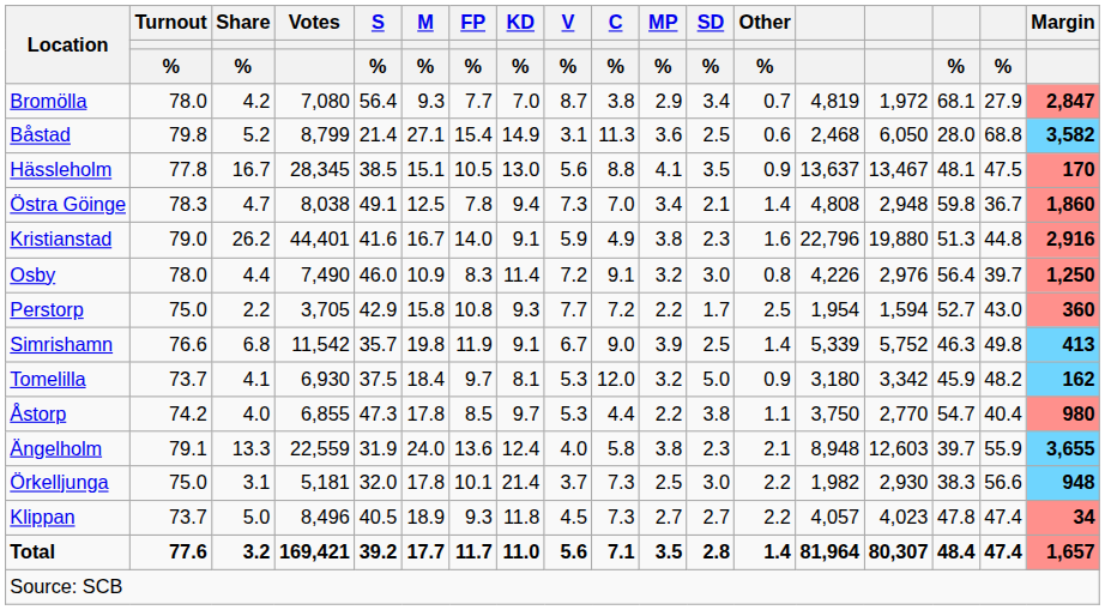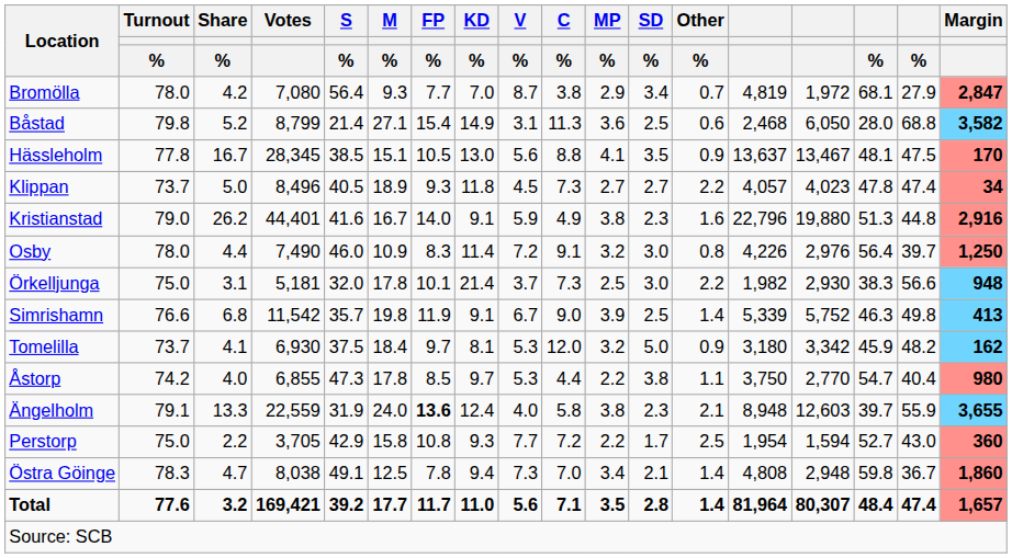 <table class="wikitable sortable" style="text-align:right; font-size:95%; line-height:20px;">
 <tr>
 <th rowspan="3">Location</th>
 <th>Turnout</th>
 <th>Share</th>
 <th>Votes</th>
 <th width="30px" class="unsortable"><a href='#'>S</a></th>
 <th width="30px" class="unsortable"><a href='#'>M</a></th>
 <th width="30px" class="unsortable"><a href='#'>FP</a></th>
 <th width="30px" class="unsortable"><a href='#'>KD</a></th>
 <th width="30px" class="unsortable"><a href='#'>V</a></th>
 <th width="30px" class="unsortable"><a href='#'>C</a></th>
 <th width="30px" class="unsortable"><a href='#'>MP</a></th>
 <th width="30px" class="unsortable"><a href='#'>SD</a></th>
 <th width="30px" class="unsortable">Other</th>
 <th></th>
 <th></th>
 <th></th>
 <th></th>
 <th>Margin</th>
 </tr>
 <tr>
 <th></th>
 <th></th>
 <th></th>
 <th style="background:"></th>
 <th style="background:"></th>
 <th style="background:"></th>
 <th style="background:"></th>
 <th style="background:"></th>
 <th style="background:"></th>
 <th style="background:"></th>
 <th style="background:"></th>
 <th style="background:"></th>
 <th style="background:"></th>
 <th style="background:"></th>
 <th style="background:"></th>
 <th style="background:"></th>
 <th></th>
 </tr>
 <tr>
 <th data-sort-type="number">%</th>
 <th data-sort-type="number">%</th>
 <th></th>
 <th data-sort-type="number">%</th>
 <th data-sort-type="number">%</th>
 <th data-sort-type="number">%</th>
 <th data-sort-type="number">%</th>
 <th data-sort-type="number">%</th>
 <th data-sort-type="number">%</th>
 <th data-sort-type="number">%</th>
 <th data-sort-type="number">%</th>
 <th data-sort-type="number">%</th>
 <th data-sort-type="number"></th>
 <th data-sort-type="number"></th>
 <th data-sort-type="number">%</th>
 <th data-sort-type="number">%</th>
 <th data-sort-type="number"></th>
 </tr>
 <tr>
 <td align=left><a href='#'>Bromölla</a></td>
 <td>78.0</td>
 <td>4.2</td>
 <td>7,080</td>
 <td>56.4</td>
 <td>9.3</td>
 <td>7.7</td>
 <td>7.0</td>
 <td>8.7</td>
 <td>3.8</td>
 <td>2.9</td>
 <td>3.4</td>
 <td>0.7</td>
 <td>4,819</td>
 <td>1,972</td>
 <td>68.1</td>
 <td>27.9</td>
 <td bgcolor=#ff908c><strong>2,847</strong></td>
 </tr>
 <tr>
 <td align=left><a href='#'>Båstad</a></td>
 <td>79.8</td>
 <td>5.2</td>
 <td>8,799</td>
 <td>21.4</td>
 <td>27.1</td>
 <td>15.4</td>
 <td>14.9</td>
 <td>3.1</td>
 <td>11.3</td>
 <td>3.6</td>
 <td>2.5</td>
 <td>0.6</td>
 <td>2,468</td>
 <td>6,050</td>
 <td>28.0</td>
 <td>68.8</td>
 <td bgcolor=#6fd5fe><strong>3,582</strong></td>
 </tr>
 <tr>
 <td align=left><a href='#'>Hässleholm</a></td>
 <td>77.8</td>
 <td>16.7</td>
 <td>28,345</td>
 <td>38.5</td>
 <td>15.1</td>
 <td>10.5</td>
 <td>13.0</td>
 <td>5.6</td>
 <td>8.8</td>
 <td>4.1</td>
 <td>3.5</td>
 <td>0.9</td>
 <td>13,637</td>
 <td>13,467</td>
 <td>48.1</td>
 <td>47.5</td>
 <td bgcolor=#ff908c><strong>170</strong></td>
 </tr>
 <tr>
-<td align=left><a href='#'>Östra Göinge</a></td>
-<td>78.3</td>
-<td>4.7</td>
-<td>8,038</td>
-<td>49.1</td>
-<td>12.5</td>
-<td>7.8</td>
-<td>9.4</td>
+<td align=left><a href='#'>Klippan</a></td>
+<td>73.7</td>
+<td>5.0</td>
+<td>8,496</td>
+<td>40.5</td>
+<td>18.9</td>
+<td>9.3</td>
+<td>11.8</td>
+<td>4.5</td>
 <td>7.3</td>
-<td>7.0</td>
-<td>3.4</td>
-<td>2.1</td>
-<td>1.4</td>
-<td>4,808</td>
-<td>2,948</td>
-<td>59.8</td>
-<td>36.7</td>
-<td bgcolor=#ff908c><strong>1,860</strong></td>
+<td>2.7</td>
+<td>2.7</td>
+<td>2.2</td>
+<td>4,057</td>
+<td>4,023</td>
+<td>47.8</td>
+<td>47.4</td>
+<td bgcolor=#ff908c><strong>34</strong></td>
 </tr>
 <tr>
 <td align=left><a href='#'>Kristianstad</a></td>
 <td>79.0</td>
 <td>26.2</td>
 <td>44,401</td>
 <td>41.6</td>
 <td>16.7</td>
 <td>14.0</td>
 <td>9.1</td>
 <td>5.9</td>
 <td>4.9</td>
 <td>3.8</td>
 <td>2.3</td>
 <td>1.6</td>
 <td>22,796</td>
 <td>19,880</td>
 <td>51.3</td>
 <td>44.8</td>
 <td bgcolor=#ff908c><strong>2,916</strong></td>
 </tr>
 <tr>
 <td align=left><a href='#'>Osby</a></td>
 <td>78.0</td>
 <td>4.4</td>
 <td>7,490</td>
 <td>46.0</td>
 <td>10.9</td>
 <td>8.3</td>
 <td>11.4</td>
 <td>7.2</td>
 <td>9.1</td>
 <td>3.2</td>
 <td>3.0</td>
 <td>0.8</td>
 <td>4,226</td>
 <td>2,976</td>
 <td>56.4</td>
 <td>39.7</td>
 <td bgcolor=#ff908c><strong>1,250</strong></td>
 </tr>
 <tr>
-<td align=left><a href='#'>Perstorp</a></td>
+<td align=left><a href='#'>Örkelljunga</a></td>
 <td>75.0</td>
+<td>3.1</td>
+<td>5,181</td>
+<td>32.0</td>
+<td>17.8</td>
+<td>10.1</td>
+<td>21.4</td>
+<td>3.7</td>
+<td>7.3</td>
+<td>2.5</td>
+<td>3.0</td>
 <td>2.2</td>
-<td>3,705</td>
-<td>42.9</td>
-<td>15.8</td>
-<td>10.8</td>
-<td>9.3</td>
-<td>7.7</td>
-<td>7.2</td>
-<td>2.2</td>
-<td>1.7</td>
-<td>2.5</td>
-<td>1,954</td>
-<td>1,594</td>
-<td>52.7</td>
-<td>43.0</td>
-<td bgcolor=#ff908c><strong>360</strong></td>
+<td>1,982</td>
+<td>2,930</td>
+<td>38.3</td>
+<td>56.6</td>
+<td bgcolor=#6fd5fe><strong>948</strong></td>
 </tr>
 <tr>
 <td align=left><a href='#'>Simrishamn</a></td>
 <td>76.6</td>
 <td>6.8</td>
 <td>11,542</td>
 <td>35.7</td>
 <td>19.8</td>
 <td>11.9</td>
 <td>9.1</td>
 <td>6.7</td>
 <td>9.0</td>
 <td>3.9</td>
 <td>2.5</td>
 <td>1.4</td>
 <td>5,339</td>
 <td>5,752</td>
 <td>46.3</td>
 <td>49.8</td>
 <td bgcolor=#6fd5fe><strong>413</strong></td>
 </tr>
 <tr>
 <td align=left><a href='#'>Tomelilla</a></td>
 <td>73.7</td>
 <td>4.1</td>
 <td>6,930</td>
 <td>37.5</td>
 <td>18.4</td>
 <td>9.7</td>
 <td>8.1</td>
 <td>5.3</td>
 <td>12.0</td>
 <td>3.2</td>
 <td>5.0</td>
 <td>0.9</td>
 <td>3,180</td>
 <td>3,342</td>
 <td>45.9</td>
 <td>48.2</td>
 <td bgcolor=#6fd5fe><strong>162</strong></td>
 </tr>
 <tr>
 <td align=left><a href='#'>Åstorp</a></td>
 <td>74.2</td>
 <td>4.0</td>
 <td>6,855</td>
 <td>47.3</td>
 <td>17.8</td>
 <td>8.5</td>
 <td>9.7</td>
 <td>5.3</td>
 <td>4.4</td>
 <td>2.2</td>
 <td>3.8</td>
 <td>1.1</td>
 <td>3,750</td>
 <td>2,770</td>
 <td>54.7</td>
 <td>40.4</td>
 <td bgcolor=#ff908c><strong>980</strong></td>
 </tr>
 <tr>
 <td align=left><a href='#'>Ängelholm</a></td>
 <td>79.1</td>
 <td>13.3</td>
 <td>22,559</td>
 <td>31.9</td>
 <td>24.0</td>
-<td>13.6</td>
+<td><strong>13.6</strong></td>
 <td>12.4</td>
 <td>4.0</td>
 <td>5.8</td>
 <td>3.8</td>
 <td>2.3</td>
 <td>2.1</td>
 <td>8,948</td>
 <td>12,603</td>
 <td>39.7</td>
 <td>55.9</td>
 <td bgcolor=#6fd5fe><strong>3,655</strong></td>
 </tr>
 <tr>
-<td align=left><a href='#'>Örkelljunga</a></td>
+<td align=left><a href='#'>Perstorp</a></td>
 <td>75.0</td>
-<td>3.1</td>
-<td>5,181</td>
-<td>32.0</td>
-<td>17.8</td>
-<td>10.1</td>
-<td>21.4</td>
-<td>3.7</td>
-<td>7.3</td>
+<td>2.2</td>
+<td>3,705</td>
+<td>42.9</td>
+<td>15.8</td>
+<td>10.8</td>
+<td>9.3</td>
+<td>7.7</td>
+<td>7.2</td>
+<td>2.2</td>
+<td>1.7</td>
 <td>2.5</td>
-<td>3.0</td>
-<td>2.2</td>
-<td>1,982</td>
-<td>2,930</td>
-<td>38.3</td>
-<td>56.6</td>
-<td bgcolor=#6fd5fe><strong>948</strong></td>
+<td>1,954</td>
+<td>1,594</td>
+<td>52.7</td>
+<td>43.0</td>
+<td bgcolor=#ff908c><strong>360</strong></td>
 </tr>
 <tr>
-<td align=left><a href='#'>Klippan</a></td>
-<td>73.7</td>
-<td>5.0</td>
-<td>8,496</td>
-<td>40.5</td>
-<td>18.9</td>
-<td>9.3</td>
-<td>11.8</td>
-<td>4.5</td>
+<td align=left><a href='#'>Östra Göinge</a></td>
+<td>78.3</td>
+<td>4.7</td>
+<td>8,038</td>
+<td>49.1</td>
+<td>12.5</td>
+<td>7.8</td>
+<td>9.4</td>
 <td>7.3</td>
-<td>2.7</td>
-<td>2.7</td>
-<td>2.2</td>
-<td>4,057</td>
-<td>4,023</td>
-<td>47.8</td>
-<td>47.4</td>
-<td bgcolor=#ff908c><strong>34</strong></td>
+<td>7.0</td>
+<td>3.4</td>
+<td>2.1</td>
+<td>1.4</td>
+<td>4,808</td>
+<td>2,948</td>
+<td>59.8</td>
+<td>36.7</td>
+<td bgcolor=#ff908c><strong>1,860</strong></td>
 </tr>
 <tr>
 <td align=left><strong>Total</strong></td>
 <td><strong>77.6</strong></td>
 <td><strong>3.2</strong></td>
 <td><strong>169,421</strong></td>
 <td><strong>39.2</strong></td>
 <td><strong>17.7</strong></td>
 <td><strong>11.7</strong></td>
 <td><strong>11.0</strong></td>
 <td><strong>5.6</strong></td>
 <td><strong>7.1</strong></td>
 <td><strong>3.5</strong></td>
 <td><strong>2.8</strong></td>
 <td><strong>1.4</strong></td>
 <td><strong>81,964</strong></td>
 <td><strong>80,307</strong></td>
 <td><strong>48.4</strong></td>
 <td><strong>47.4</strong></td>
 <td bgcolor=#ff908c><strong>1,657</strong></td>
 </tr>
 <tr>
 <td align=left colspan=18>Source: SCB </td>
 </tr>
 </table>
